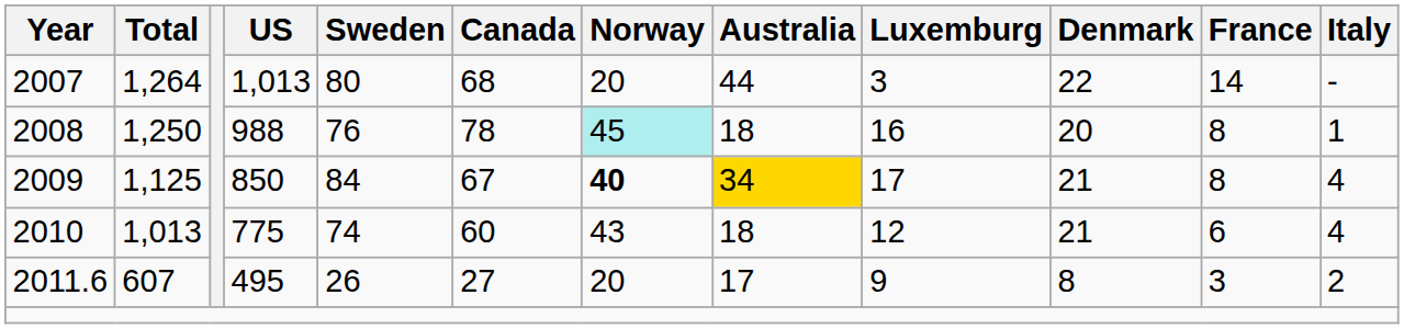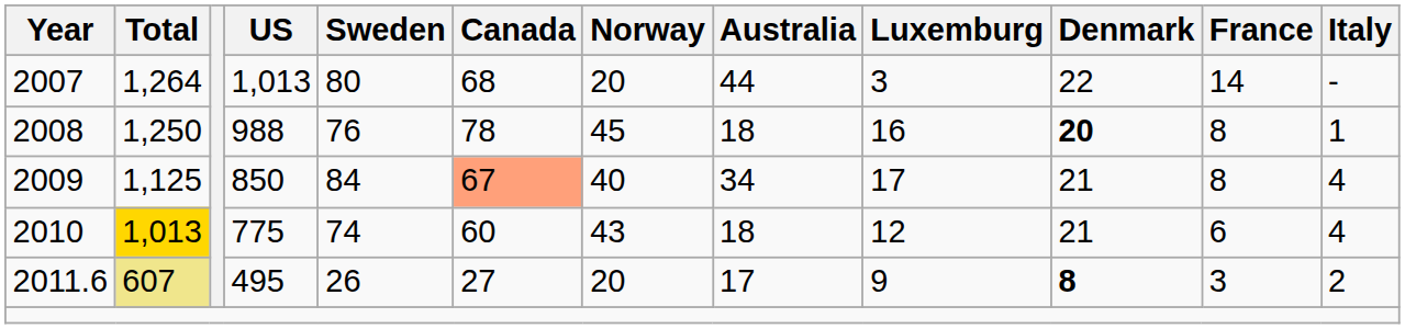 <table class="wikitable">
 <tr>
 <th>Year</th>
 <th>Total</th>
 <th rowspan="6"></th>
 <th>US</th>
 <th>Sweden</th>
 <th>Canada</th>
 <th>Norway</th>
 <th>Australia</th>
 <th>Luxemburg</th>
 <th>Denmark</th>
 <th>France</th>
 <th>Italy</th>
 </tr>
 <tr>
 <td>2007</td>
 <td>1,264</td>
 <td>1,013</td>
 <td>80</td>
 <td>68</td>
 <td>20</td>
 <td>44</td>
 <td>3</td>
 <td>22</td>
 <td>14</td>
 <td>-</td>
 </tr>
 <tr>
 <td>2008</td>
 <td>1,250</td>
 <td>988</td>
 <td>76</td>
 <td>78</td>
-<td style="background: paleturquoise;">45</td>
+<td>45</td>
 <td>18</td>
 <td>16</td>
-<td>20</td>
+<td><strong>20</strong></td>
 <td>8</td>
 <td>1</td>
 </tr>
 <tr>
 <td>2009</td>
 <td>1,125</td>
 <td>850</td>
 <td>84</td>
-<td>67</td>
-<td><strong>40</strong></td>
-<td style="background: gold;">34</td>
+<td style="background: lightsalmon;">67</td>
+<td>40</td>
+<td>34</td>
 <td>17</td>
 <td>21</td>
 <td>8</td>
 <td>4</td>
 </tr>
 <tr>
 <td>2010</td>
-<td>1,013</td>
+<td style="background: gold;">1,013</td>
 <td>775</td>
 <td>74</td>
 <td>60</td>
 <td>43</td>
 <td>18</td>
 <td>12</td>
 <td>21</td>
 <td>6</td>
 <td>4</td>
 </tr>
 <tr>
 <td>2011.6</td>
-<td>607</td>
+<td style="background: khaki;">607</td>
 <td>495</td>
 <td>26</td>
 <td>27</td>
 <td>20</td>
 <td>17</td>
 <td>9</td>
-<td>8</td>
+<td><strong>8</strong></td>
 <td>3</td>
 <td>2</td>
 </tr>
 <tr>
 <td colspan="12"></td>
 </tr>
 </table>
